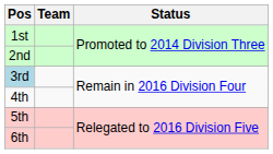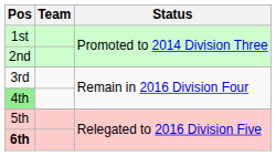 <table class="wikitable">
 <tr>
 <th>Pos</th>
 <th>Team</th>
 <th>Status</th>
 </tr>
 <tr style="background:#ccffcc">
 <td align="center">1st</td>
 <td></td>
 <td rowspan=2>Promoted to <a href='#'>2014 Division Three</a></td>
 </tr>
 <tr style="background:#ccffcc">
 <td align="center">2nd</td>
 <td></td>
 </tr>
 <tr>
-<td align="center" style="background: lightblue;">3rd</td>
+<td align="center">3rd</td>
 <td></td>
 <td rowspan=2>Remain in <a href='#'>2016 Division Four</a></td>
 </tr>
 <tr>
-<td align="center">4th</td>
+<td align="center" style="background: lightgreen;">4th</td>
 <td></td>
 </tr>
 <tr style="background:#fcc">
 <td align="center">5th</td>
 <td></td>
 <td rowspan=2>Relegated to <a href='#'>2016 Division Five</a></td>
 </tr>
 <tr style="background:#fcc">
-<td align="center">6th</td>
+<td align="center"><strong>6th</strong></td>
 <td></td>
 </tr>
 </table>
